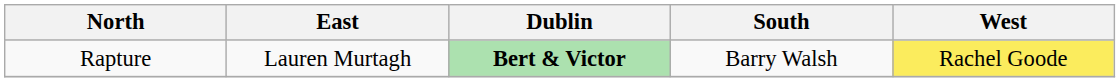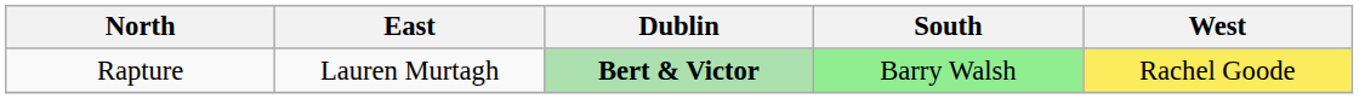 <table class="wikitable">
 <tr>
 <th width="150" rowspan="1">North</th>
 <th width="150" rowspan="1">East</th>
 <th width="150" rowspan="1">Dublin</th>
 <th width="150" rowspan="1">South</th>
 <th width="150" rowspan="1">West</th>
 </tr>
 <tr>
 <td align="center">Rapture</td>
 <td align="center">Lauren Murtagh</td>
 <td style="background:#ACE1AF;" align="center"><strong>Bert & Victor</strong></td>
-<td align="center">Barry Walsh</td>
+<td align="center" style="background: lightgreen;">Barry Walsh</td>
 <td style="background:#FBEC5D;" align="center">Rachel Goode</td>
 </tr>
 <tr>
 </tr>
 </table>
